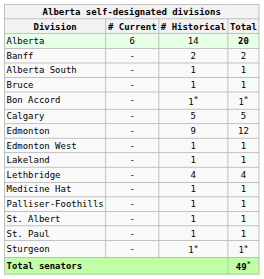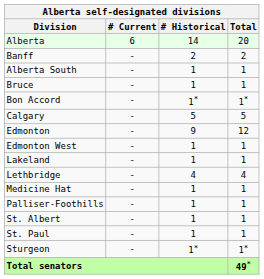 <table class="wikitable collapsible collapsed">
 <tr>
 <th colspan="4" align="center"><strong>Alberta self-designated divisions</strong></th>
 </tr>
 <tr>
 <th align=left>Division</th>
 <th align=center># Current</th>
 <th align=center># Historical</th>
 <th align=center>Total</th>
 </tr>
 <tr bgcolor="#E6FFE6">
 <td align=left>Alberta</td>
 <td align=center>6</td>
 <td align=center>14</td>
-<td align=center><strong>20</strong></td>
+<td align=center>20</td>
 </tr>
 <tr>
 <td align=left>Banff</td>
 <td align=center>-</td>
 <td align=center>2</td>
 <td align=center>2</td>
 </tr>
 <tr>
 <td align=left>Alberta South</td>
 <td align=center>-</td>
 <td align=center>1</td>
 <td align=center>1</td>
 </tr>
 <tr>
 <td align=left>Bruce</td>
 <td align=center>-</td>
 <td align=center>1</td>
 <td align=center>1</td>
 </tr>
 <tr>
 <td align=left>Bon Accord</td>
 <td align=center>-</td>
 <td align=center>1<sup>*</sup></td>
 <td align=center>1<sup>*</sup></td>
 </tr>
 <tr>
 <td align=left>Calgary</td>
 <td align=center>-</td>
 <td align=center>5</td>
 <td align=center>5</td>
 </tr>
 <tr>
 <td align=left>Edmonton</td>
 <td align=center>-</td>
 <td align=center>9</td>
 <td align=center>12</td>
 </tr>
 <tr>
 <td align=left>Edmonton West</td>
 <td align=center>-</td>
 <td align=center>1</td>
 <td align=center>1</td>
 </tr>
 <tr>
 <td align=left>Lakeland</td>
 <td align=center>-</td>
 <td align=center>1</td>
 <td align=center>1</td>
 </tr>
 <tr>
 <td align=left>Lethbridge</td>
 <td align=center>-</td>
 <td align=center>4</td>
 <td align=center>4</td>
 </tr>
 <tr>
 <td align=left>Medicine Hat</td>
 <td align=center>-</td>
 <td align=center>1</td>
 <td align=center>1</td>
 </tr>
 <tr>
 <td align=left>Palliser-Foothills</td>
 <td align=center>-</td>
 <td align=center>1</td>
 <td align=center>1</td>
 </tr>
 <tr>
 <td align=left>St. Albert</td>
 <td align=center>-</td>
 <td align=center>1</td>
 <td align=center>1</td>
 </tr>
 <tr>
 <td align=left>St. Paul</td>
 <td align=center>-</td>
 <td align=center>1</td>
 <td align=center>1</td>
 </tr>
 <tr>
 <td align=left>Sturgeon</td>
 <td align=center>-</td>
 <td align=center>1<sup>*</sup></td>
 <td align=center>1<sup>*</sup></td>
 </tr>
 <tr bgcolor=#C0FFA6>
 <td align=left colspan=3><strong>Total senators</strong></td>
 <td align=center><strong>49</strong><sup>*</sup></td>
 </tr>
 </table>
